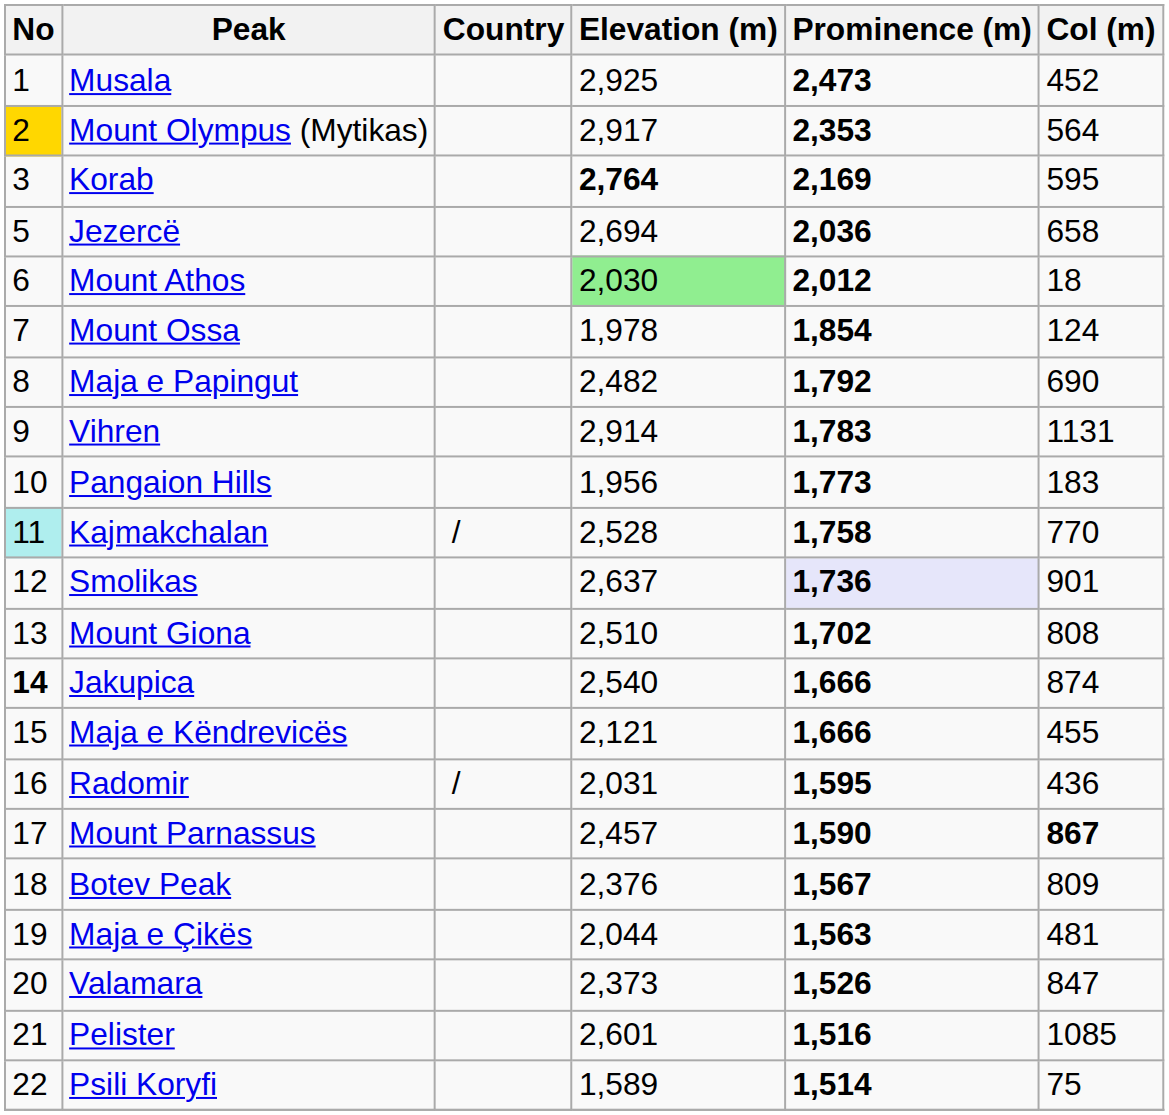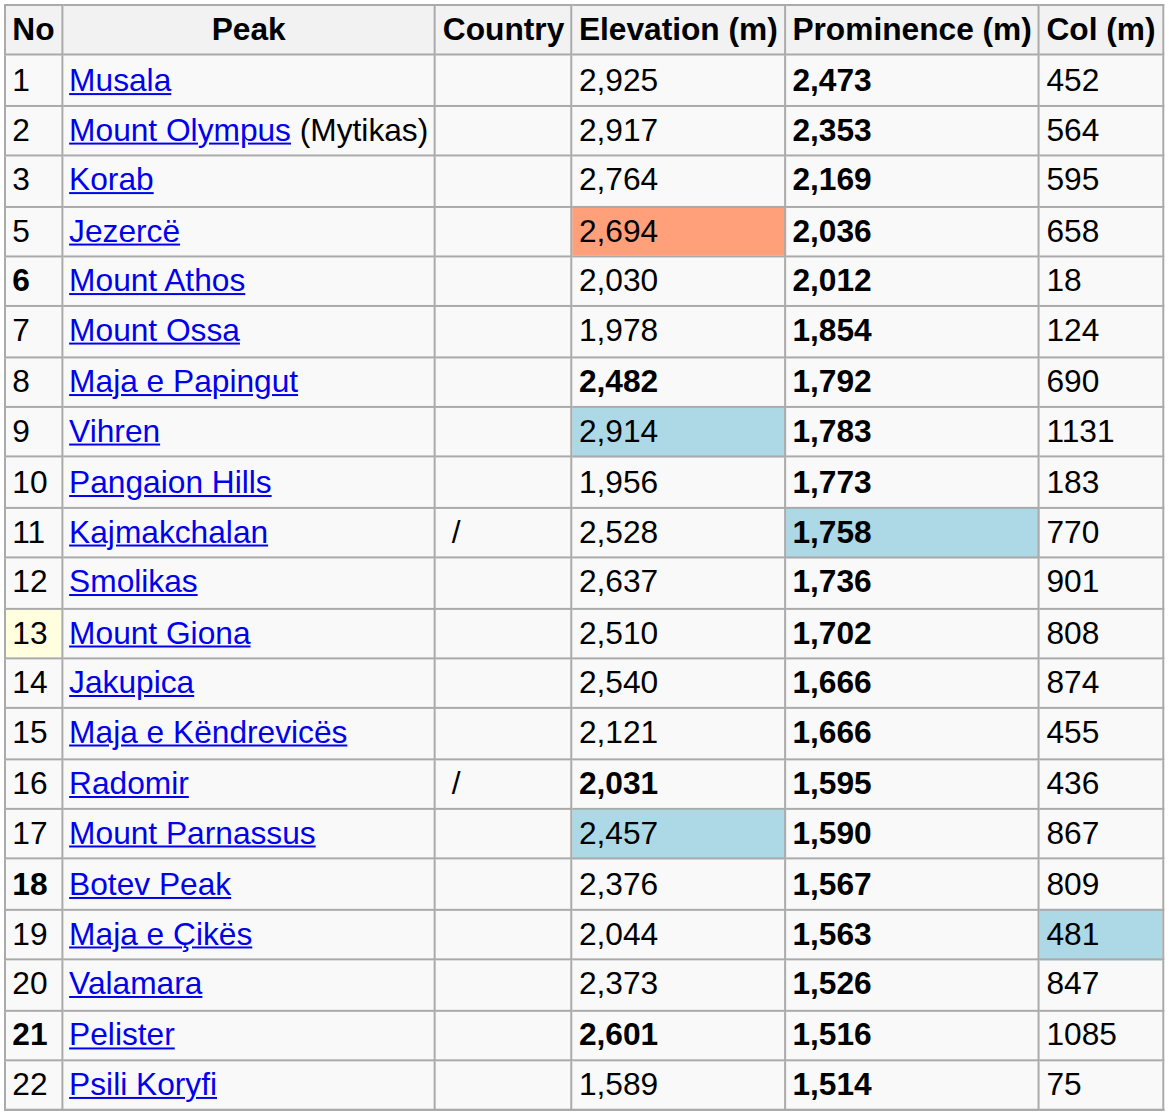 <table class="wikitable sortable">
 <tr>
 <th>No</th>
 <th>Peak</th>
 <th>Country</th>
 <th>Elevation (m)</th>
 <th>Prominence (m)</th>
 <th>Col (m)</th>
 </tr>
 <tr>
 <td>1</td>
 <td><a href='#'>Musala</a></td>
 <td></td>
 <td>2,925</td>
 <td><strong>2,473</strong></td>
 <td>452</td>
 </tr>
 <tr>
-<td style="background: gold;">2</td>
+<td>2</td>
 <td><a href='#'>Mount Olympus</a> (Mytikas)</td>
 <td></td>
 <td>2,917</td>
 <td><strong>2,353</strong></td>
 <td>564</td>
 </tr>
 <tr>
 <td>3</td>
 <td><a href='#'>Korab</a></td>
 <td> </td>
-<td><strong>2,764</strong></td>
+<td>2,764</td>
 <td><strong>2,169</strong></td>
 <td>595</td>
 </tr>
 <tr>
 <td>5</td>
 <td><a href='#'>Jezercë</a></td>
 <td></td>
-<td>2,694</td>
+<td style="background: lightsalmon;">2,694</td>
 <td><strong>2,036</strong></td>
 <td>658</td>
 </tr>
 <tr>
-<td>6</td>
+<td><strong>6</strong></td>
 <td><a href='#'>Mount Athos</a></td>
 <td></td>
-<td style="background: lightgreen;">2,030</td>
+<td>2,030</td>
 <td><strong>2,012</strong></td>
 <td>18</td>
 </tr>
 <tr>
 <td>7</td>
 <td><a href='#'>Mount Ossa</a></td>
 <td></td>
 <td>1,978</td>
 <td><strong>1,854</strong></td>
 <td>124</td>
 </tr>
 <tr>
 <td>8</td>
 <td><a href='#'>Maja e Papingut</a></td>
 <td></td>
-<td>2,482</td>
+<td><strong>2,482</strong></td>
 <td><strong>1,792</strong></td>
 <td>690</td>
 </tr>
 <tr>
 <td>9</td>
 <td><a href='#'>Vihren</a></td>
 <td></td>
-<td>2,914</td>
+<td style="background: lightblue;">2,914</td>
 <td><strong>1,783</strong></td>
 <td>1131</td>
 </tr>
 <tr>
 <td>10</td>
 <td><a href='#'>Pangaion Hills</a></td>
 <td></td>
 <td>1,956</td>
 <td><strong>1,773</strong></td>
 <td>183</td>
 </tr>
 <tr>
-<td style="background: paleturquoise;">11</td>
+<td>11</td>
 <td><a href='#'>Kajmakchalan</a></td>
 <td> / </td>
 <td>2,528</td>
-<td><strong>1,758</strong></td>
+<td style="background: lightblue;"><strong>1,758</strong></td>
 <td>770</td>
 </tr>
 <tr>
 <td>12</td>
 <td><a href='#'>Smolikas</a></td>
 <td></td>
 <td>2,637</td>
-<td style="background: lavender;"><strong>1,736</strong></td>
+<td><strong>1,736</strong></td>
 <td>901</td>
 </tr>
 <tr>
-<td>13</td>
+<td style="background: lightyellow;">13</td>
 <td><a href='#'>Mount Giona</a></td>
 <td></td>
 <td>2,510</td>
 <td><strong>1,702</strong></td>
 <td>808</td>
 </tr>
 <tr>
-<td><strong>14</strong></td>
+<td>14</td>
 <td><a href='#'>Jakupica</a></td>
 <td></td>
 <td>2,540</td>
 <td><strong>1,666</strong></td>
 <td>874</td>
 </tr>
 <tr>
 <td>15</td>
 <td><a href='#'>Maja e Këndrevicës</a></td>
 <td></td>
 <td>2,121</td>
 <td><strong>1,666</strong></td>
 <td>455</td>
 </tr>
 <tr>
 <td>16</td>
 <td><a href='#'>Radomir</a></td>
 <td> / </td>
-<td>2,031</td>
+<td><strong>2,031</strong></td>
 <td><strong>1,595</strong></td>
 <td>436</td>
 </tr>
 <tr>
 <td>17</td>
 <td><a href='#'>Mount Parnassus</a></td>
 <td></td>
-<td>2,457</td>
+<td style="background: lightblue;">2,457</td>
 <td><strong>1,590</strong></td>
-<td><strong>867</strong></td>
+<td>867</td>
 </tr>
 <tr>
-<td>18</td>
+<td><strong>18</strong></td>
 <td><a href='#'>Botev Peak</a></td>
 <td></td>
 <td>2,376</td>
 <td><strong>1,567</strong></td>
 <td>809</td>
 </tr>
 <tr>
 <td>19</td>
 <td><a href='#'>Maja e Çikës</a></td>
 <td></td>
 <td>2,044</td>
 <td><strong>1,563</strong></td>
-<td>481</td>
+<td style="background: lightblue;">481</td>
 </tr>
 <tr>
 <td>20</td>
 <td><a href='#'>Valamara</a></td>
 <td></td>
 <td>2,373</td>
 <td><strong>1,526</strong></td>
 <td>847</td>
 </tr>
 <tr>
-<td>21</td>
+<td><strong>21</strong></td>
 <td><a href='#'>Pelister</a></td>
 <td></td>
-<td>2,601</td>
+<td><strong>2,601</strong></td>
 <td><strong>1,516</strong></td>
 <td>1085</td>
 </tr>
 <tr>
 <td>22</td>
 <td><a href='#'>Psili Koryfi</a></td>
 <td></td>
 <td>1,589</td>
 <td><strong>1,514</strong></td>
 <td>75</td>
 </tr>
 <tr>
 </tr>
 </table>
